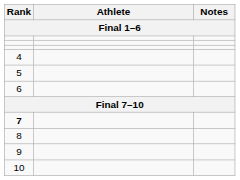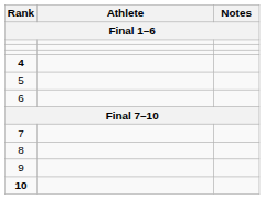 <table class=wikitable style="text-align:center">
 <tr>
 <th width=40>Rank</th>
 <th width=250>Athlete</th>
 <th width=60>Notes</th>
 </tr>
 <tr>
 <th colspan=3>Final 1–6</th>
 </tr>
 <tr>
 <td></td>
 <td align=left></td>
 <td></td>
 </tr>
 <tr>
 <td></td>
 <td align=left></td>
 <td></td>
 </tr>
 <tr>
 <td></td>
 <td align=left></td>
 <td></td>
 </tr>
 <tr>
-<td>4</td>
+<td><strong>4</strong></td>
 <td align=left></td>
 <td></td>
 </tr>
 <tr>
 <td>5</td>
 <td align=left></td>
 <td></td>
 </tr>
 <tr>
 <td>6</td>
 <td align=left></td>
 <td></td>
 </tr>
 <tr>
 <th colspan=3>Final 7–10</th>
 </tr>
 <tr>
-<td><strong>7</strong></td>
+<td>7</td>
 <td align=left></td>
 <td></td>
 </tr>
 <tr>
 <td>8</td>
 <td align=left></td>
 <td></td>
 </tr>
 <tr>
 <td>9</td>
 <td align=left></td>
 <td></td>
 </tr>
 <tr>
-<td>10</td>
+<td><strong>10</strong></td>
 <td align=left></td>
 <td></td>
 </tr>
 </table>
